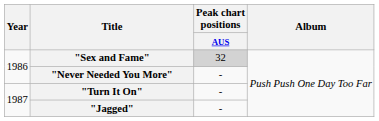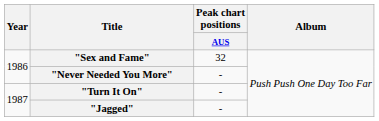 <table class="wikitable plainrowheaders" style="text-align:center;" border="1">
 <tr>
 <th scope="col" rowspan="2">Year</th>
 <th scope="col" rowspan="2" style="width:15em;">Title</th>
 <th scope="col" colspan="1">Peak chart<br>positions</th>
 <th scope="col" rowspan="2">Album</th>
 </tr>
 <tr>
 <th scope="col" style="text-align:center;"><small><a href='#'>AUS</a></small><br></th>
 </tr>
 <tr>
 <td rowspan="2">1986</td>
 <th scope="row">"Sex and Fame"</th>
-<td style="background: lightgrey; text-align:center;">32</td>
+<td style="text-align:center;">32</td>
 <td rowspan="4"><em>Push Push One Day Too Far</em></td>
 </tr>
 <tr>
 <th scope="row">"Never Needed You More"</th>
 <td style="text-align:center;">-</td>
 </tr>
 <tr>
 <td rowspan="2">1987</td>
 <th scope="row">"Turn It On"</th>
 <td style="text-align:center;">-</td>
 </tr>
 <tr>
 <th scope="row">"Jagged"</th>
 <td style="text-align:center;">-</td>
 </tr>
 </table>
